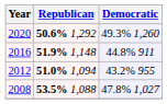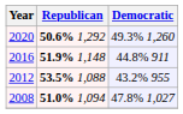 <table class="wikitable"  style="float:right; font-size:90%;">
 <tr style="background:lightgrey;">
 <th>Year</th>
 <th><a href='#'>Republican</a></th>
 <th><a href='#'>Democratic</a></th>
 </tr>
 <tr>
 <td style="text-align:center; background:#fff3f3;"><a href='#'>2020</a></td>
 <td style="text-align:center; background:#fff3f3;"><strong>50.6%</strong> <em>1,292</em></td>
 <td style="text-align:center; background:#f0f0ff;">49.3% <em>1,260</em></td>
 </tr>
 <tr>
 <td style="text-align:center; background:#fff3f3;"><a href='#'>2016</a></td>
 <td style="text-align:center; background:#fff3f3;"><strong>51.9%</strong> <em>1,148</em></td>
 <td style="text-align:center; background:#f0f0ff;">44.8% <em>911</em></td>
 </tr>
 <tr>
 <td style="text-align:center; background:#fff3f3;"><a href='#'>2012</a></td>
-<td style="text-align:center; background:#fff3f3;"><strong>51.0%</strong> <em>1,094</em></td>
+<td style="text-align:center; background:#fff3f3;"><strong>53.5%</strong> <em>1,088</em></td>
 <td style="text-align:center; background:#f0f0ff;">43.2% <em>955</em></td>
 </tr>
 <tr>
 <td style="text-align:center; background:#fff3f3;"><a href='#'>2008</a></td>
-<td style="text-align:center; background:#fff3f3;"><strong>53.5%</strong> <em>1,088</em></td>
+<td style="text-align:center; background:#fff3f3;"><strong>51.0%</strong> <em>1,094</em></td>
 <td style="text-align:center; background:#f0f0ff;">47.8% <em>1,027</em></td>
 </tr>
 <tr>
 </tr>
 </table>
